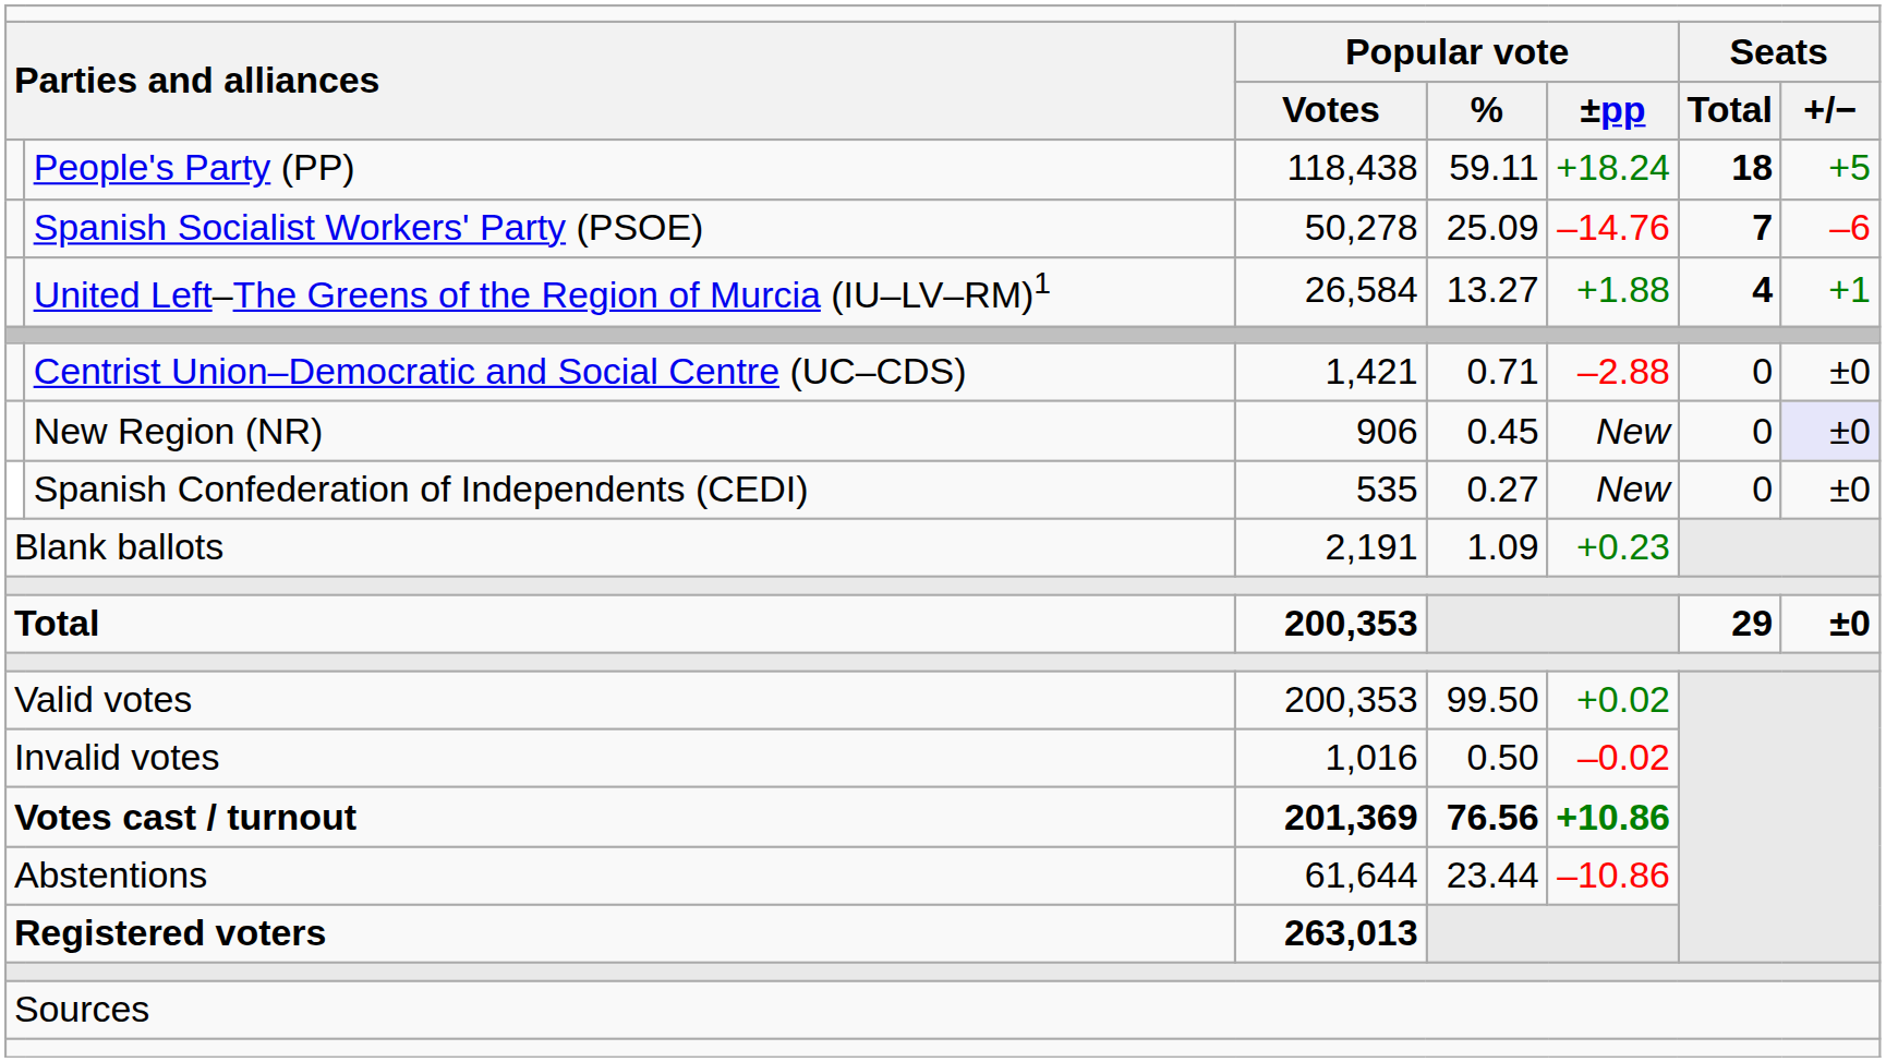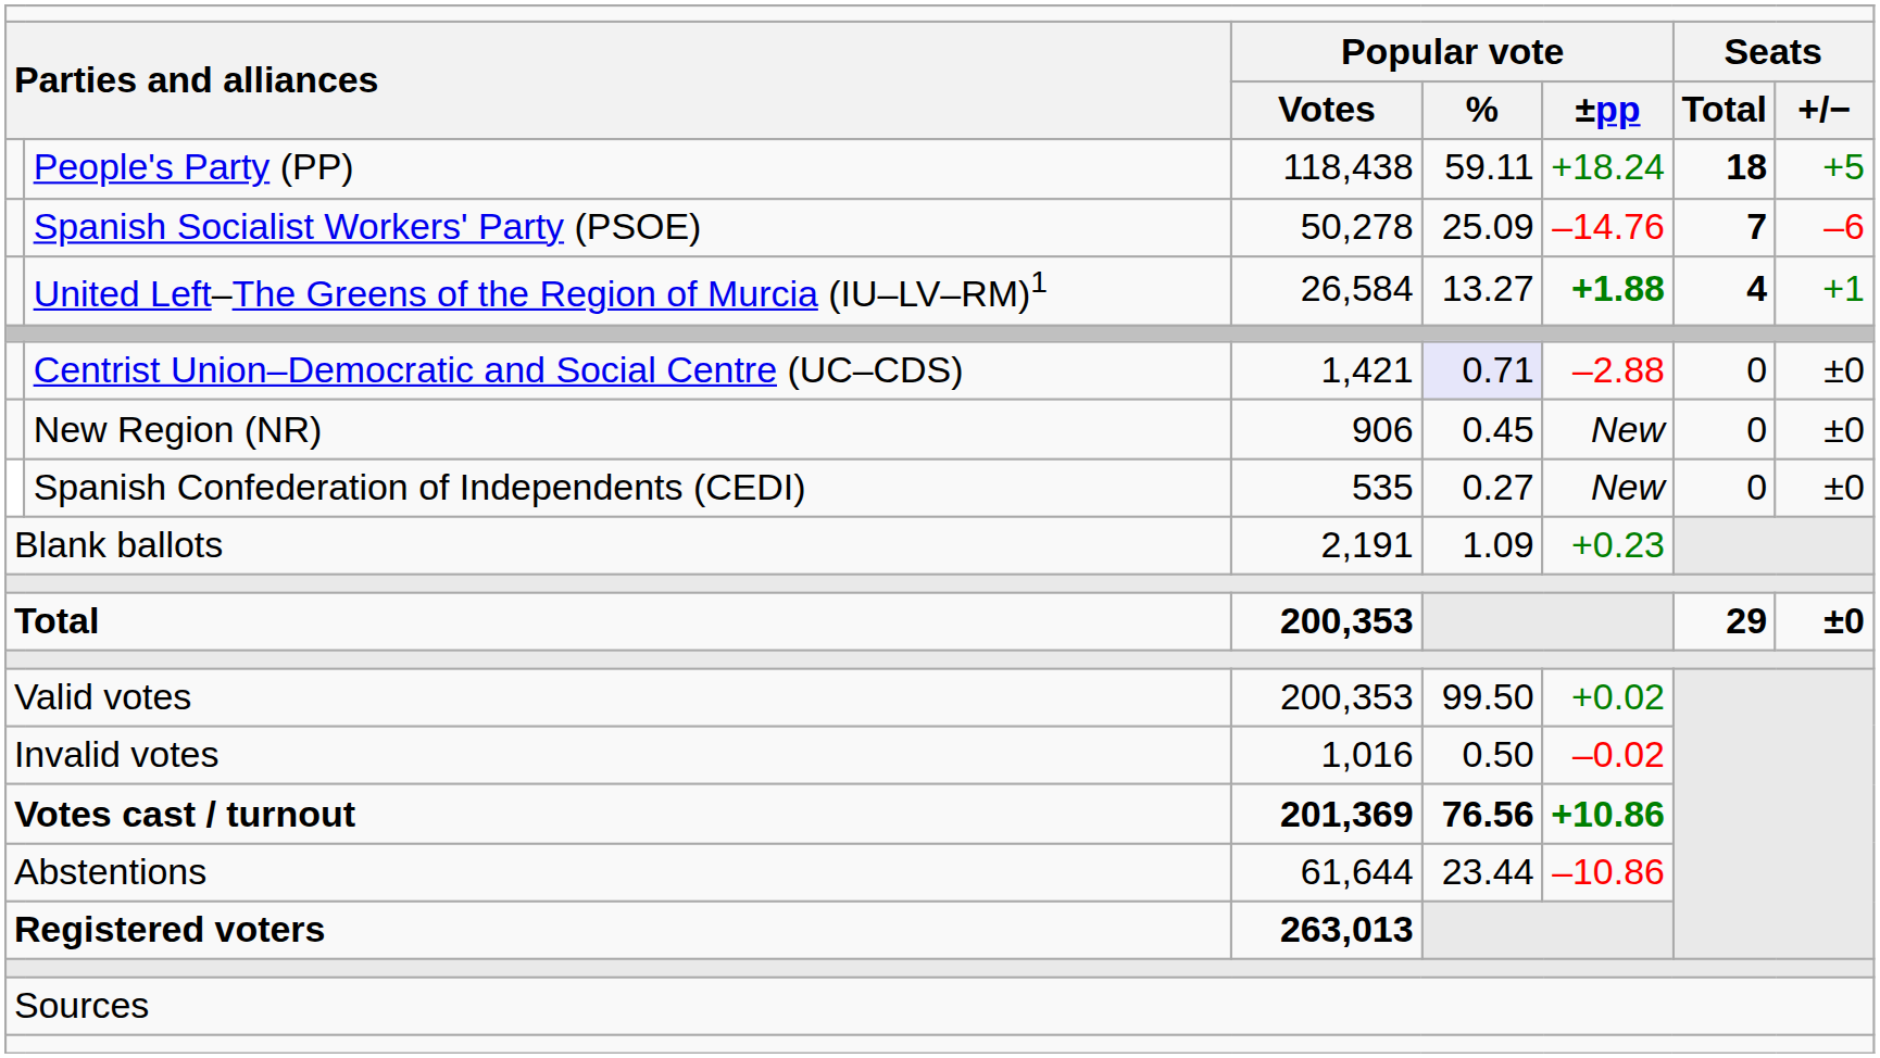 <table class="wikitable" style="text-align:right;">
 <tr>
 <td colspan="7"></td>
 </tr>
 <tr>
 <th style="text-align:left;" rowspan="2" colspan="2" width="525">Parties and alliances</th>
 <th colspan="3">Popular vote</th>
 <th colspan="2">Seats</th>
 </tr>
 <tr>
 <th width="75">Votes</th>
 <th width="45">%</th>
 <th width="45">±<a href='#'>pp</a></th>
 <th width="35">Total</th>
 <th width="35">+/−</th>
 </tr>
 <tr>
 <td width="1" style="color:inherit;background:"></td>
 <td align="left"><a href='#'>People's Party</a> (PP)</td>
 <td>118,438</td>
 <td>59.11</td>
 <td style="color:green;">+18.24</td>
 <td><strong>18</strong></td>
 <td style="color:green;">+5</td>
 </tr>
 <tr>
 <td style="color:inherit;background:"></td>
 <td align="left"><a href='#'>Spanish Socialist Workers' Party</a> (PSOE)</td>
 <td>50,278</td>
 <td>25.09</td>
 <td style="color:red;">–14.76</td>
 <td><strong>7</strong></td>
 <td style="color:red;">–6</td>
 </tr>
 <tr>
 <td style="color:inherit;background:"></td>
 <td align="left"><a href='#'>United Left</a>–<a href='#'>The Greens of the Region of Murcia</a> (IU–LV–RM)<sup>1</sup></td>
 <td>26,584</td>
 <td>13.27</td>
-<td style="color:green;">+1.88</td>
+<td style="color:green;"><strong>+1.88</strong></td>
 <td><strong>4</strong></td>
 <td style="color:green;">+1</td>
 </tr>
 <tr>
 <td colspan="7" bgcolor="#C0C0C0"></td>
 </tr>
 <tr>
 <td style="color:inherit;background:"></td>
 <td align="left"><a href='#'>Centrist Union–Democratic and Social Centre</a> (UC–CDS)</td>
 <td>1,421</td>
-<td>0.71</td>
+<td style="background: lavender;">0.71</td>
 <td style="color:red;">–2.88</td>
 <td>0</td>
 <td>±0</td>
 </tr>
 <tr>
 <td style="color:inherit;background:"></td>
 <td align="left">New Region (NR)</td>
 <td>906</td>
 <td>0.45</td>
 <td><em>New</em></td>
 <td>0</td>
-<td style="background: lavender;">±0</td>
+<td>±0</td>
 </tr>
 <tr>
 <td bgcolor="white"></td>
 <td align="left">Spanish Confederation of Independents (CEDI)</td>
 <td>535</td>
 <td>0.27</td>
 <td><em>New</em></td>
 <td>0</td>
 <td>±0</td>
 </tr>
 <tr>
 <td align="left" colspan="2">Blank ballots</td>
 <td>2,191</td>
 <td>1.09</td>
 <td style="color:green;">+0.23</td>
 <td bgcolor="#E9E9E9" colspan="2"></td>
 </tr>
 <tr>
 <td colspan="7" bgcolor="#E9E9E9"></td>
 </tr>
 <tr style="font-weight:bold;">
 <td align="left" colspan="2">Total</td>
 <td>200,353</td>
 <td bgcolor="#E9E9E9" colspan="2"></td>
 <td>29</td>
 <td>±0</td>
 </tr>
 <tr>
 <td colspan="7" bgcolor="#E9E9E9"></td>
 </tr>
 <tr>
 <td align="left" colspan="2">Valid votes</td>
 <td>200,353</td>
 <td>99.50</td>
 <td style="color:green;">+0.02</td>
 <td bgcolor="#E9E9E9" colspan="2" rowspan="5"></td>
 </tr>
 <tr>
 <td align="left" colspan="2">Invalid votes</td>
 <td>1,016</td>
 <td>0.50</td>
 <td style="color:red;">–0.02</td>
 </tr>
 <tr style="font-weight:bold;">
 <td align="left" colspan="2">Votes cast / turnout</td>
 <td>201,369</td>
 <td>76.56</td>
 <td style="color:green;">+10.86</td>
 </tr>
 <tr>
 <td align="left" colspan="2">Abstentions</td>
 <td>61,644</td>
 <td>23.44</td>
 <td style="color:red;">–10.86</td>
 </tr>
 <tr style="font-weight:bold;">
 <td align="left" colspan="2">Registered voters</td>
 <td>263,013</td>
 <td bgcolor="#E9E9E9" colspan="2"></td>
 </tr>
 <tr>
 <td colspan="7" bgcolor="#E9E9E9"></td>
 </tr>
 <tr>
 <td align="left" colspan="7">Sources</td>
 </tr>
 <tr>
 <td colspan="7" style="text-align:left; max-width:790px;"></td>
 </tr>
 </table>
